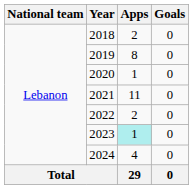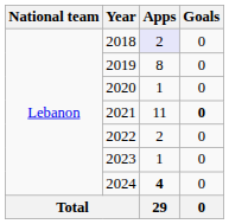 <table class="wikitable" style="text-align:center">
 <tr>
 <th>National team</th>
 <th>Year</th>
 <th>Apps</th>
 <th>Goals</th>
 </tr>
 <tr>
 <td rowspan="7"><a href='#'>Lebanon</a></td>
 <td>2018</td>
-<td>2</td>
+<td style="background: lavender;">2</td>
 <td>0</td>
 </tr>
 <tr>
 <td>2019</td>
 <td>8</td>
 <td>0</td>
 </tr>
 <tr>
 <td>2020</td>
 <td>1</td>
 <td>0</td>
 </tr>
 <tr>
 <td>2021</td>
 <td>11</td>
-<td>0</td>
+<td><strong>0</strong></td>
 </tr>
 <tr>
 <td>2022</td>
 <td>2</td>
 <td>0</td>
 </tr>
 <tr>
 <td>2023</td>
-<td style="background: paleturquoise;">1</td>
+<td>1</td>
 <td>0</td>
 </tr>
 <tr>
 <td>2024</td>
-<td>4</td>
+<td><strong>4</strong></td>
 <td>0</td>
 </tr>
 <tr>
 <th colspan="2">Total</th>
 <th>29</th>
 <th>0</th>
 </tr>
 </table>
